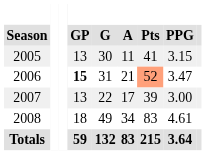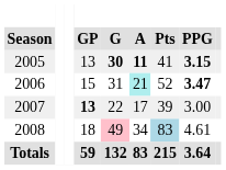 <table BORDER="0" CELLPADDING="3" CELLSPACING="0">
 <tr ALIGN="center" bgcolor="#e0e0e0">
 <th colspan="1" bgcolor="#ffffff"> </th>
 <th rowspan="99" bgcolor="#ffffff"> </th>
 <th rowspan="99" bgcolor="#ffffff"> </th>
 </tr>
 <tr ALIGN="center" bgcolor="#e0e0e0">
 <th>Season</th>
 <th>GP</th>
 <th>G</th>
 <th>A</th>
 <th>Pts</th>
 <th>PPG</th>
 <th></th>
 </tr>
 <tr ALIGN="center"  bgcolor="#f0f0f0">
 <td>2005</td>
 <td>13</td>
-<td>30</td>
-<td>11</td>
+<td><strong>30</strong></td>
+<td><strong>11</strong></td>
 <td>41</td>
-<td>3.15</td>
+<td><strong>3.15</strong></td>
 <td></td>
 </tr>
 <tr ALIGN="center">
 <td>2006</td>
-<td><strong>15</strong></td>
+<td>15</td>
 <td>31</td>
-<td>21</td>
-<td style="background: lightsalmon;">52</td>
-<td>3.47</td>
+<td style="background: paleturquoise;">21</td>
+<td>52</td>
+<td><strong>3.47</strong></td>
 <td></td>
 </tr>
 <tr ALIGN="center"  bgcolor="#f0f0f0">
 <td>2007</td>
-<td>13</td>
+<td><strong>13</strong></td>
 <td>22</td>
 <td>17</td>
 <td>39</td>
 <td>3.00</td>
 <td></td>
 </tr>
 <tr ALIGN="center">
 <td>2008</td>
 <td>18</td>
-<td>49</td>
+<td style="background: pink;">49</td>
 <td>34</td>
-<td>83</td>
+<td style="background: lightblue;">83</td>
 <td>4.61</td>
 <td></td>
 </tr>
 <tr ALIGN="center" bgcolor="#e0e0e0">
 <th colspan="1.5">Totals</th>
 <th>59</th>
 <th>132</th>
 <th>83</th>
 <th>215</th>
 <th>3.64</th>
 <th></th>
 </tr>
 </table>
